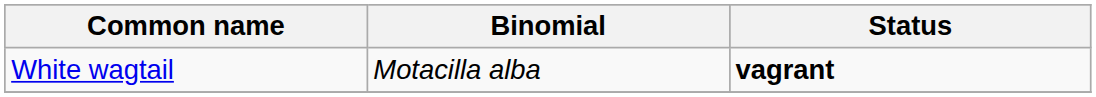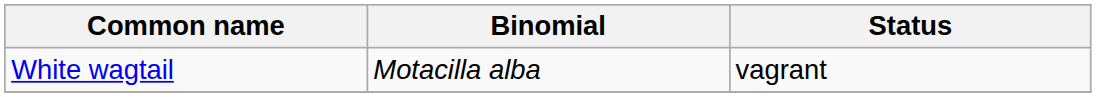 <table width=72% class="wikitable">
 <tr>
 <th width=24%>Common name</th>
 <th width=24%>Binomial</th>
 <th width=24%>Status</th>
 </tr>
 <tr>
 <td><a href='#'>White wagtail</a></td>
 <td><em>Motacilla alba</em></td>
-<td><strong>vagrant</strong></td>
+<td>vagrant</td>
 </tr>
 <tr>
 </tr>
 </table>
